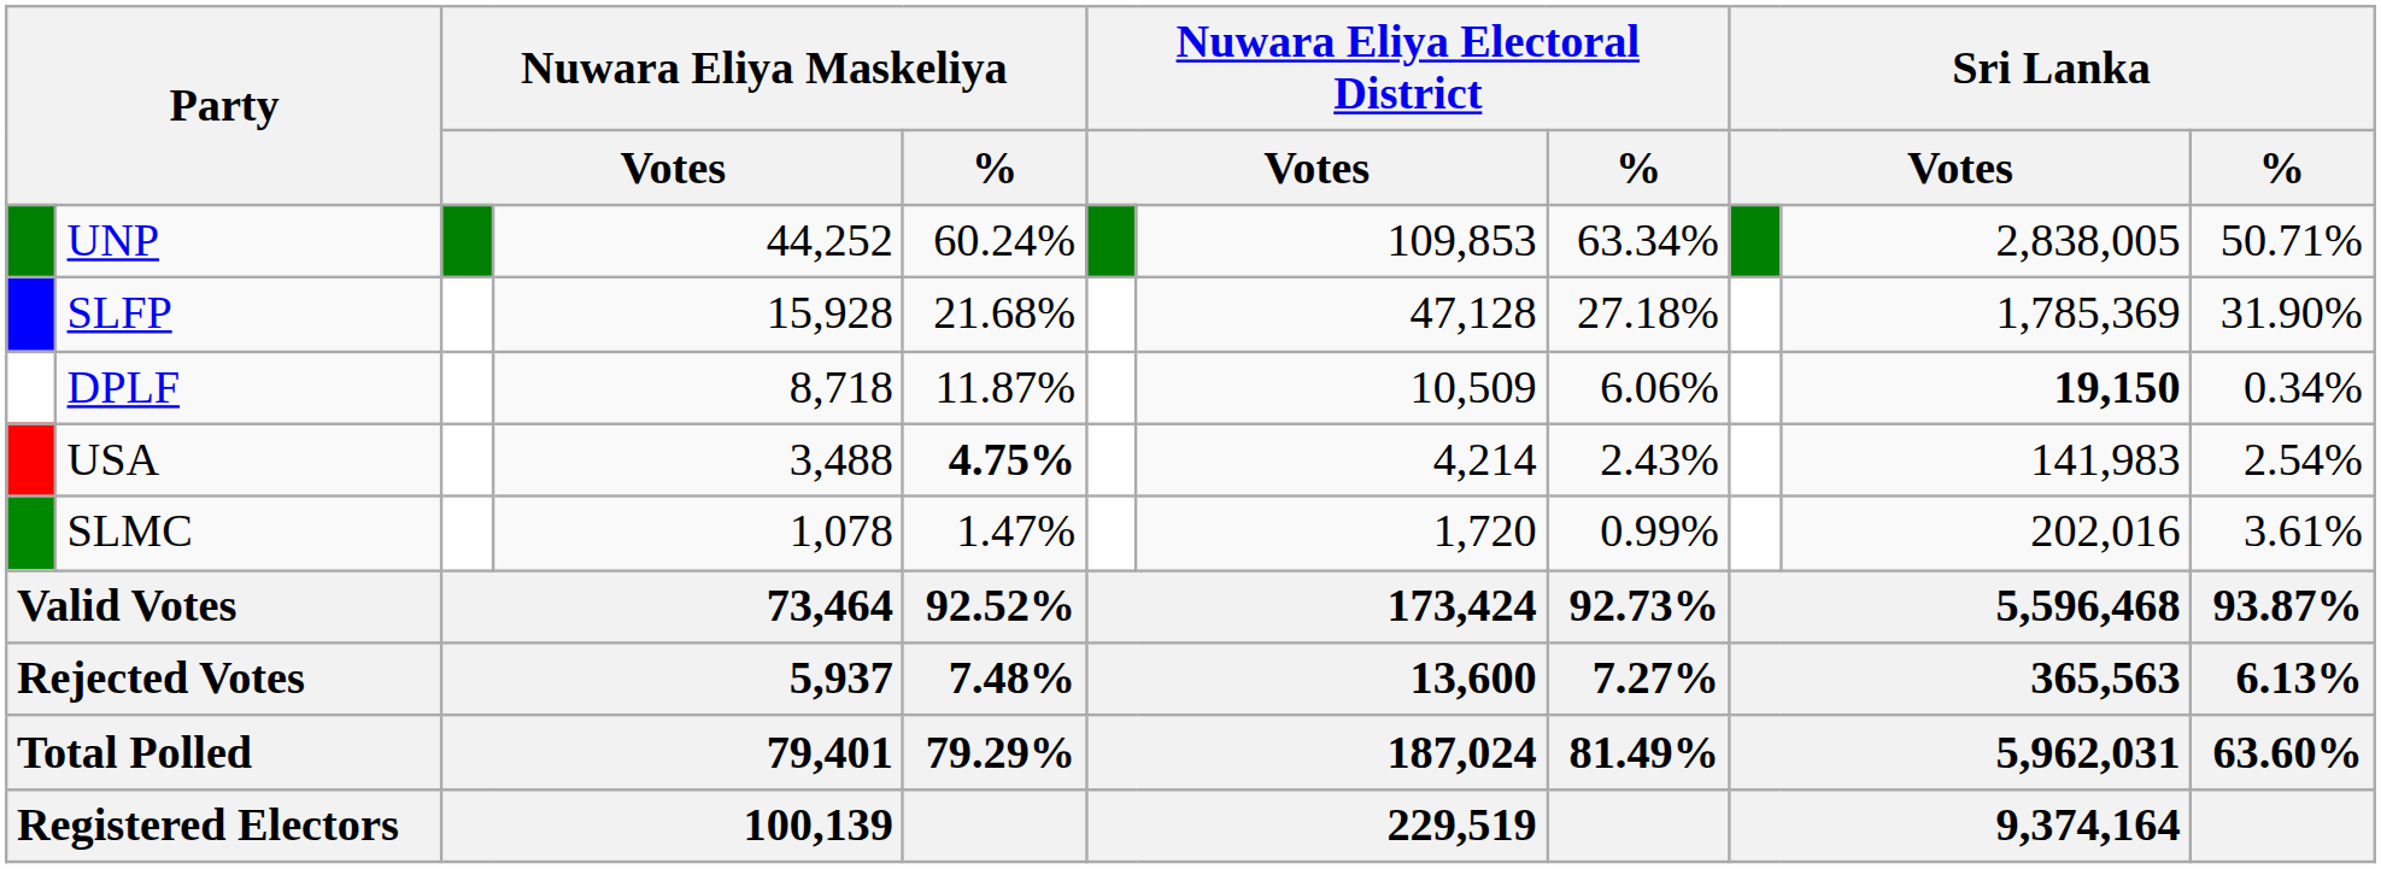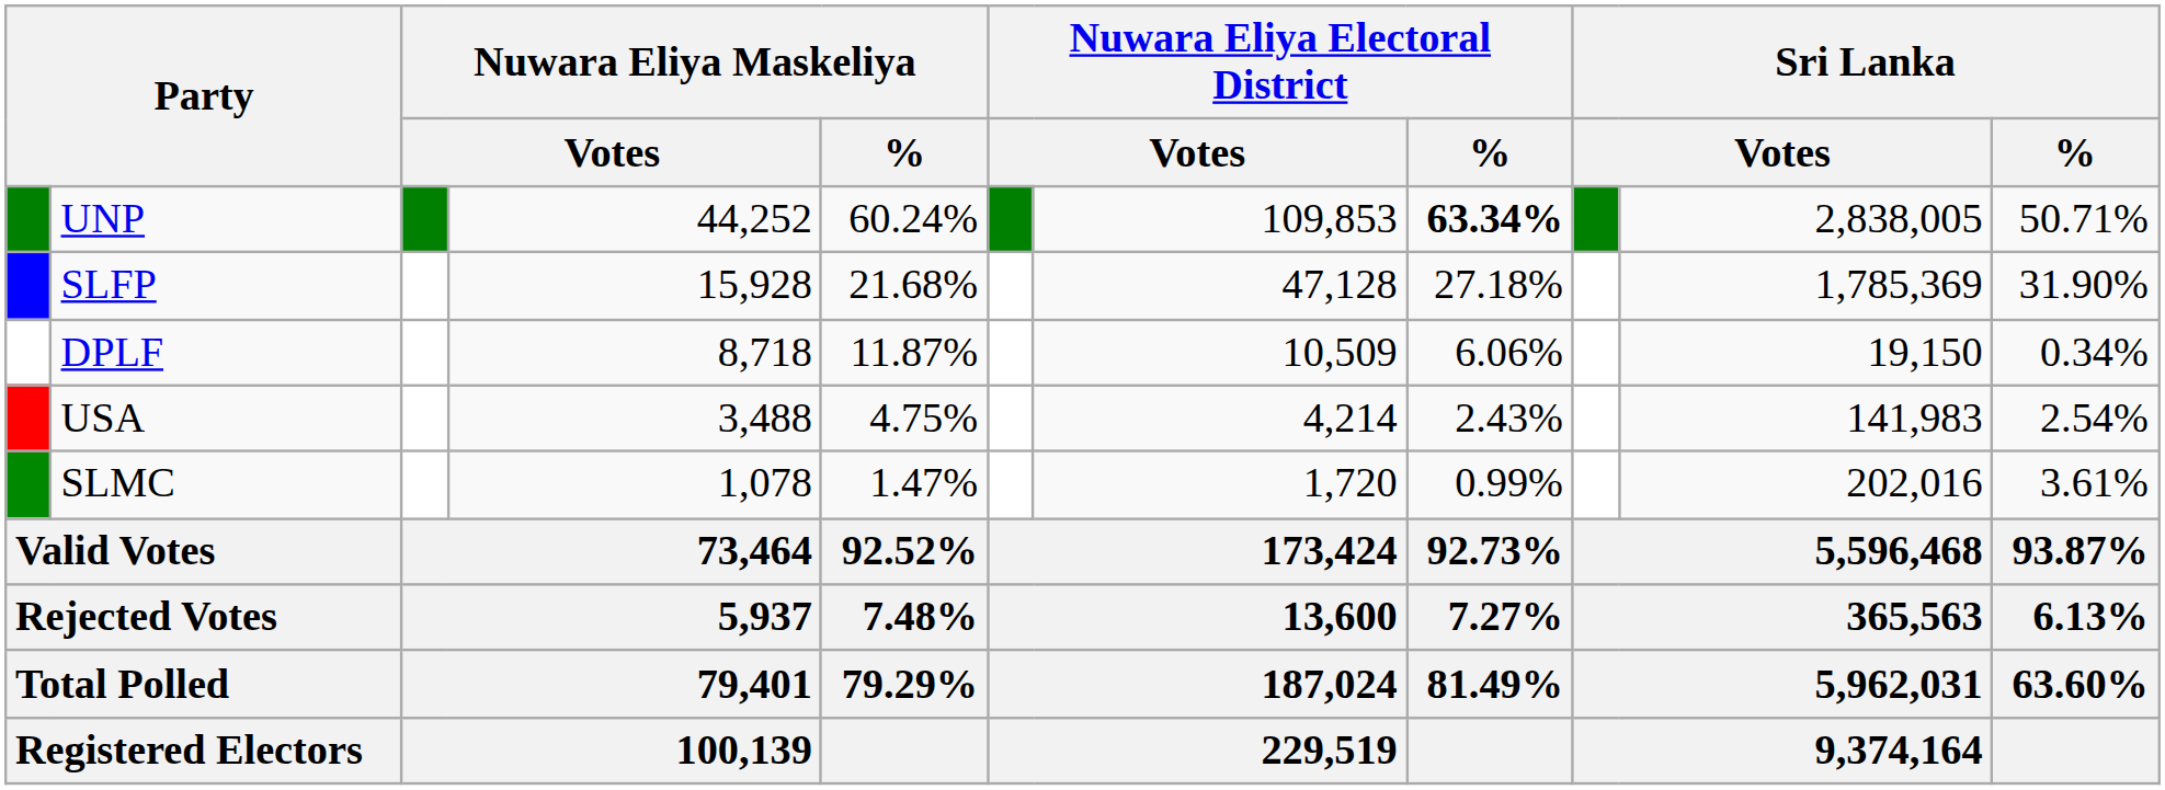 <table class="wikitable">
 <tr>
 <th colspan="2" width="144px"rowspan="2">Party</th>
 <th colspan="3" width="216px">Nuwara Eliya Maskeliya</th>
 <th colspan="3" width="216px"><a href='#'>Nuwara Eliya Electoral District</a></th>
 <th colspan="3" width="216px">Sri Lanka</th>
 </tr>
 <tr>
 <th colspan="2" width="144px">Votes</th>
 <th>%</th>
 <th colspan="2" width="144px">Votes</th>
 <th>%</th>
 <th colspan="2" width="144px">Votes</th>
 <th>%</th>
 </tr>
 <tr>
 <td style="background-color:green;" width="10px"></td>
 <td style="text-align:left;"><a href='#'>UNP</a></td>
 <td style="background-color:green;" width="10px"></td>
 <td style="text-align:right;">44,252</td>
 <td style="text-align:right;">60.24%</td>
 <td style="background-color:green;" width="10px"></td>
 <td style="text-align:right;">109,853</td>
-<td style="text-align:right;">63.34%</td>
+<td style="text-align:right;"><strong>63.34%</strong></td>
 <td style="background-color:green;" width="10px"></td>
 <td style="text-align:right;">2,838,005</td>
 <td style="text-align:right;">50.71%</td>
 </tr>
 <tr>
 <td style="background-color:blue;" width="10px"></td>
 <td style="text-align:left;"><a href='#'>SLFP</a></td>
 <td style="background-color:white;" width="10px"></td>
 <td style="text-align:right;">15,928</td>
 <td style="text-align:right;">21.68%</td>
 <td style="background-color:white;" width="10px"></td>
 <td style="text-align:right;">47,128</td>
 <td style="text-align:right;">27.18%</td>
 <td style="background-color:white;" width="10px"></td>
 <td style="text-align:right;">1,785,369</td>
 <td style="text-align:right;">31.90%</td>
 </tr>
 <tr>
 <td style="background-color:white;" width="10px"></td>
 <td style="text-align:left;"><a href='#'>DPLF</a></td>
 <td style="background-color:white;" width="10px"></td>
 <td style="text-align:right;">8,718</td>
 <td style="text-align:right;">11.87%</td>
 <td style="background-color:white;" width="10px"></td>
 <td style="text-align:right;">10,509</td>
 <td style="text-align:right;">6.06%</td>
 <td style="background-color:white;" width="10px"></td>
-<td style="text-align:right;"><strong>19,150</strong></td>
+<td style="text-align:right;">19,150</td>
 <td style="text-align:right;">0.34%</td>
 </tr>
 <tr>
 <td style="background-color:red;" width="10px"></td>
 <td style="text-align:left;">USA</td>
 <td style="background-color:white;" width="10px"></td>
 <td style="text-align:right;">3,488</td>
-<td style="text-align:right;"><strong>4.75%</strong></td>
+<td style="text-align:right;">4.75%</td>
 <td style="background-color:white;" width="10px"></td>
 <td style="text-align:right;">4,214</td>
 <td style="text-align:right;">2.43%</td>
 <td style="background-color:white;" width="10px"></td>
 <td style="text-align:right;">141,983</td>
 <td style="text-align:right;">2.54%</td>
 </tr>
 <tr>
 <td style="background-color:#008800;" width="10px"></td>
 <td style="text-align:left;">SLMC</td>
 <td style="background-color:white;" width="10px"></td>
 <td style="text-align:right;">1,078</td>
 <td style="text-align:right;">1.47%</td>
 <td style="background-color:white;" width="10px"></td>
 <td style="text-align:right;">1,720</td>
 <td style="text-align:right;">0.99%</td>
 <td style="background-color:white;" width="10px"></td>
 <td style="text-align:right;">202,016</td>
 <td style="text-align:right;">3.61%</td>
 </tr>
 <tr>
 <th colspan="2" width="144px"style="text-align:left;">Valid Votes</th>
 <th style="text-align:right;"colspan="2" width="144px">73,464</th>
 <th style="text-align:right;">92.52%</th>
 <th style="text-align:right;"colspan="2" width="144px">173,424</th>
 <th style="text-align:right;">92.73%</th>
 <th style="text-align:right;"colspan="2" width="144px">5,596,468</th>
 <th style="text-align:right;">93.87%</th>
 </tr>
 <tr>
 <th colspan="2" width="144px"style="text-align:left;">Rejected Votes</th>
 <th style="text-align:right;"colspan="2" width="144px">5,937</th>
 <th style="text-align:right;">7.48%</th>
 <th style="text-align:right;"colspan="2" width="144px">13,600</th>
 <th style="text-align:right;">7.27%</th>
 <th style="text-align:right;"colspan="2" width="144px">365,563</th>
 <th style="text-align:right;">6.13%</th>
 </tr>
 <tr>
 <th colspan="2" width="144px"style="text-align:left;">Total Polled</th>
 <th style="text-align:right;"colspan="2" width="144px">79,401</th>
 <th style="text-align:right;">79.29%</th>
 <th style="text-align:right;"colspan="2" width="144px">187,024</th>
 <th style="text-align:right;">81.49%</th>
 <th style="text-align:right;"colspan="2" width="144px">5,962,031</th>
 <th style="text-align:right;">63.60%</th>
 </tr>
 <tr>
 <th colspan="2" width="144px"style="text-align:left;">Registered Electors</th>
 <th style="text-align:right;"colspan="2" width="144px">100,139</th>
 <th></th>
 <th style="text-align:right;"colspan="2" width="144px">229,519</th>
 <th></th>
 <th style="text-align:right;"colspan="2" width="144px">9,374,164</th>
 <th></th>
 </tr>
 </table>
